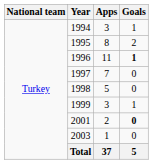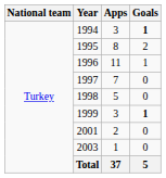 <table class="wikitable" style="text-align: center;">
 <tr>
 <th>National team</th>
 <th>Year</th>
 <th>Apps</th>
 <th>Goals</th>
 </tr>
 <tr>
 <td rowspan="10"><a href='#'>Turkey</a></td>
 <td>1994</td>
 <td>3</td>
-<td>1</td>
+<td><strong>1</strong></td>
 </tr>
 <tr>
 <td>1995</td>
 <td>8</td>
 <td>2</td>
 </tr>
 <tr>
 <td>1996</td>
 <td>11</td>
-<td><strong>1</strong></td>
+<td>1</td>
 </tr>
 <tr>
 <td>1997</td>
 <td>7</td>
 <td>0</td>
 </tr>
 <tr>
 <td>1998</td>
 <td>5</td>
 <td>0</td>
 </tr>
 <tr>
 <td>1999</td>
 <td>3</td>
-<td>1</td>
+<td><strong>1</strong></td>
 </tr>
 <tr>
 <td>2001</td>
 <td>2</td>
-<td><strong>0</strong></td>
+<td>0</td>
 </tr>
 <tr>
 <td>2003</td>
 <td>1</td>
 <td>0</td>
 </tr>
 <tr>
 <th>Total</th>
 <th>37</th>
 <th>5</th>
 </tr>
 </table>
